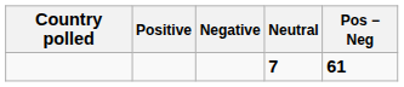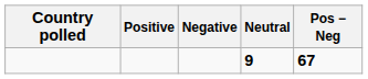 <table class="wikitable sortable floatright" style="width:360px; border:1px black; float:right; margin-left:1em;">
 <tr>
 <th>Country polled</th>
 <th><small> Positive</small></th>
 <th><small>Negative</small></th>
 <th><small>Neutral</small></th>
 <th><small>Pos − Neg</small></th>
 </tr>
 <tr>
 <td><strong></strong></td>
 <td></td>
 <td></td>
-<td><strong>7</strong></td>
-<td><span><strong>61</strong></span></td>
+<td><strong>9</strong></td>
+<td><span><strong>67</strong></span></td>
 </tr>
 <tr>
 </tr>
 </table>
